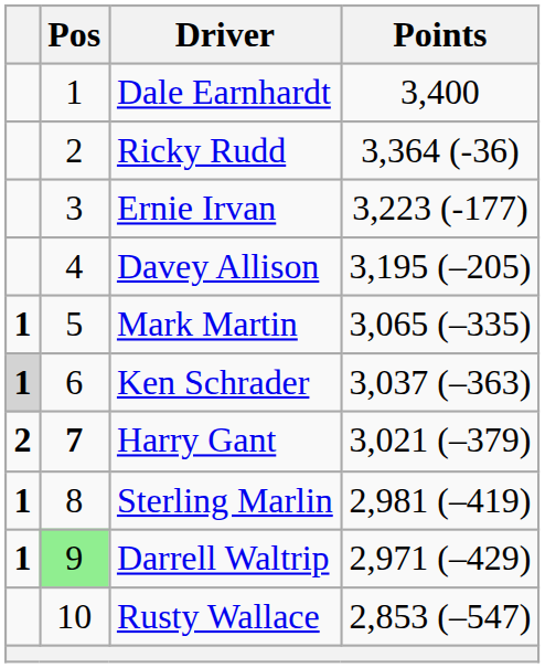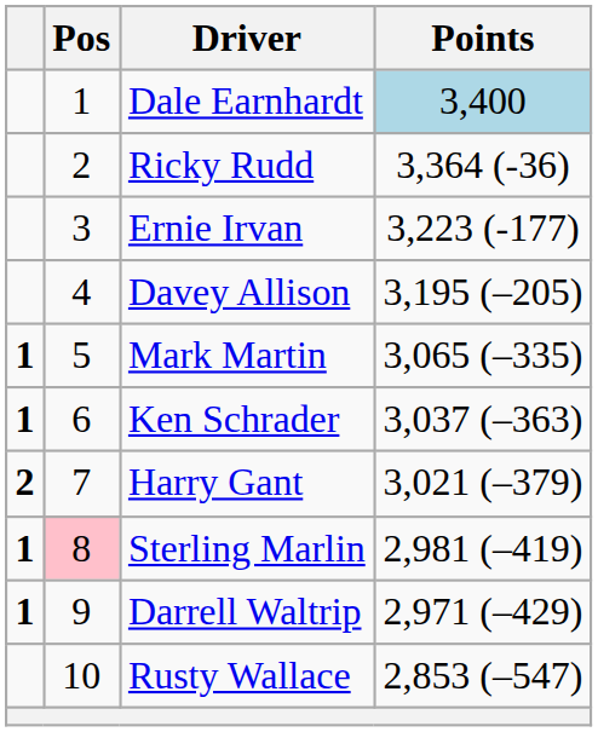 <table class="wikitable" style="font-size: 95%;">
 <tr>
 <th></th>
 <th>Pos</th>
 <th>Driver</th>
 <th>Points</th>
 </tr>
 <tr>
 <td align="left"></td>
 <td style="text-align:center;">1</td>
 <td><a href='#'>Dale Earnhardt</a></td>
-<td style="text-align:center;">3,400</td>
+<td style="background: lightblue; text-align:center;">3,400</td>
 </tr>
 <tr>
 <td align="left"></td>
 <td style="text-align:center;">2</td>
 <td><a href='#'>Ricky Rudd</a></td>
 <td style="text-align:center;">3,364 (-36)</td>
 </tr>
 <tr>
 <td align="left"></td>
 <td style="text-align:center;">3</td>
 <td><a href='#'>Ernie Irvan</a></td>
 <td style="text-align:center;">3,223 (-177)</td>
 </tr>
 <tr>
 <td align="left"></td>
 <td style="text-align:center;">4</td>
 <td><a href='#'>Davey Allison</a></td>
 <td style="text-align:center;">3,195 (–205)</td>
 </tr>
 <tr>
 <td align="left">  <strong>1</strong></td>
 <td style="text-align:center;">5</td>
 <td><a href='#'>Mark Martin</a></td>
 <td style="text-align:center;">3,065 (–335)</td>
 </tr>
 <tr>
-<td align="left" style="background: lightgrey;">  <strong>1</strong></td>
+<td align="left">  <strong>1</strong></td>
 <td style="text-align:center;">6</td>
 <td><a href='#'>Ken Schrader</a></td>
 <td style="text-align:center;">3,037 (–363)</td>
 </tr>
 <tr>
 <td align="left">  <strong>2</strong></td>
-<td style="text-align:center;"><strong>7</strong></td>
+<td style="text-align:center;">7</td>
 <td><a href='#'>Harry Gant</a></td>
 <td style="text-align:center;">3,021 (–379)</td>
 </tr>
 <tr>
 <td align="left">  <strong>1</strong></td>
-<td style="text-align:center;">8</td>
+<td style="background: pink; text-align:center;">8</td>
 <td><a href='#'>Sterling Marlin</a></td>
 <td style="text-align:center;">2,981 (–419)</td>
 </tr>
 <tr>
 <td align="left">  <strong>1</strong></td>
-<td style="background: lightgreen; text-align:center;">9</td>
+<td style="text-align:center;">9</td>
 <td><a href='#'>Darrell Waltrip</a></td>
 <td style="text-align:center;">2,971 (–429)</td>
 </tr>
 <tr>
 <td align="left"></td>
 <td style="text-align:center;">10</td>
 <td><a href='#'>Rusty Wallace</a></td>
 <td style="text-align:center;">2,853 (–547)</td>
 </tr>
 <tr class="sortbottom">
 <th colspan="9"></th>
 </tr>
 </table>
